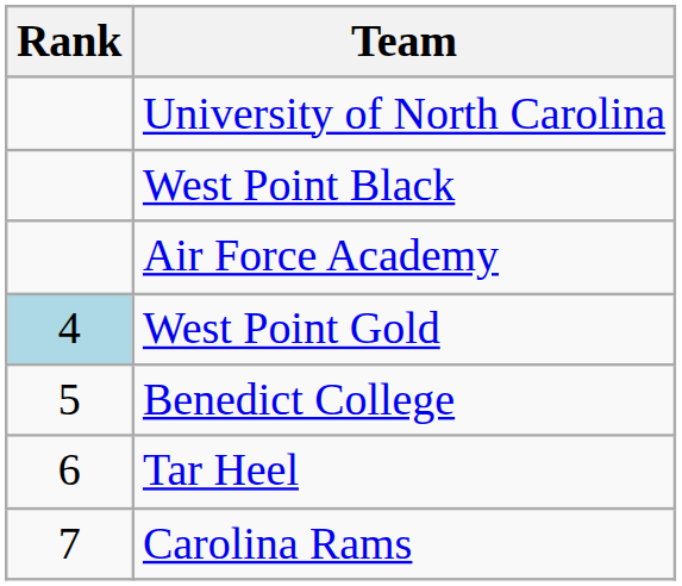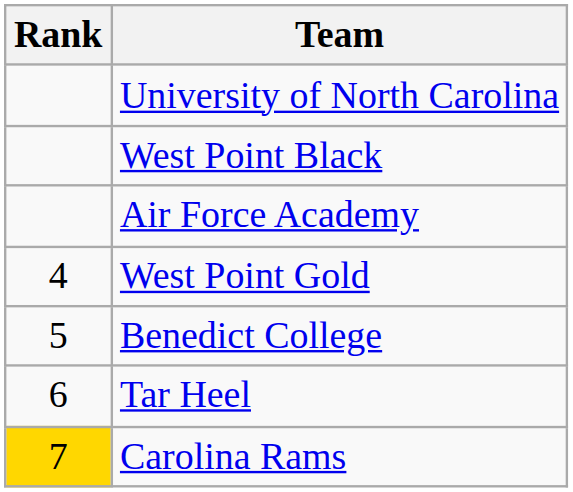 <table class="wikitable">
 <tr>
 <th>Rank</th>
 <th>Team</th>
 </tr>
 <tr>
 <td align=center></td>
 <td align="left"><a href='#'>University of North Carolina</a></td>
 </tr>
 <tr>
 <td align=center></td>
 <td align="left"><a href='#'>West Point Black</a></td>
 </tr>
 <tr>
 <td align=center></td>
 <td align="left"><a href='#'>Air Force Academy</a></td>
 </tr>
 <tr>
-<td align=center style="background: lightblue;">4</td>
+<td align=center>4</td>
 <td align="left"><a href='#'>West Point Gold</a></td>
 </tr>
 <tr>
 <td align=center>5</td>
 <td align="left"><a href='#'>Benedict College</a></td>
 </tr>
 <tr>
 <td align=center>6</td>
 <td align="left"><a href='#'>Tar Heel</a></td>
 </tr>
 <tr>
-<td align=center>7</td>
+<td align=center style="background: gold;">7</td>
 <td align="left"><a href='#'>Carolina Rams</a></td>
 </tr>
 </table>
